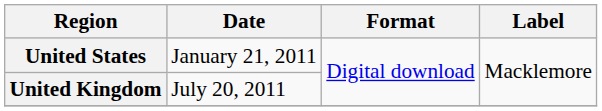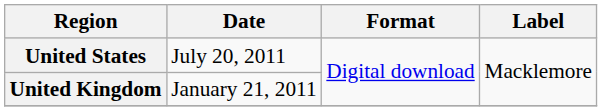 <table class="wikitable plainrowheaders">
 <tr>
 <th>Region</th>
 <th>Date</th>
 <th>Format</th>
 <th>Label</th>
 </tr>
 <tr>
 <th scope="row">United States</th>
-<td>January 21, 2011</td>
+<td>July 20, 2011</td>
 <td rowspan="2"><a href='#'>Digital download</a></td>
 <td rowspan="2">Macklemore</td>
 </tr>
 <tr>
 <th scope="row">United Kingdom</th>
-<td>July 20, 2011</td>
+<td>January 21, 2011</td>
 </tr>
 <tr>
 </tr>
 </table>
